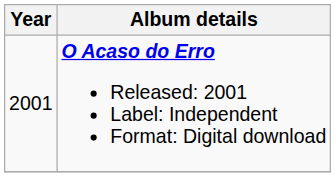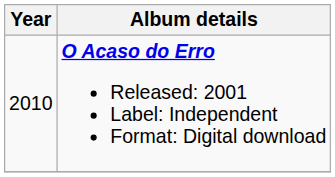 <table class="wikitable" style=text-align:center;>
 <tr>
 <th align="left">Year</th>
 <th align="left">Album details</th>
 </tr>
 <tr>
-<td>2001</td>
+<td>2010</td>
 <td align=left><strong><em><a href='#'>O Acaso do Erro</a></em></strong><br><ul><li>Released: 2001</li><li>Label: Independent</li><li>Format: Digital download</li></ul></td>
 </tr>
 <tr>
 </tr>
 </table>
